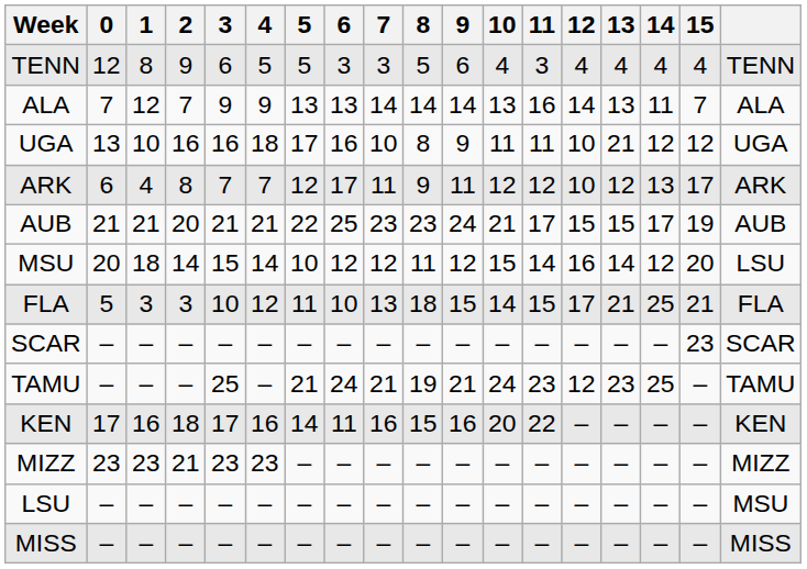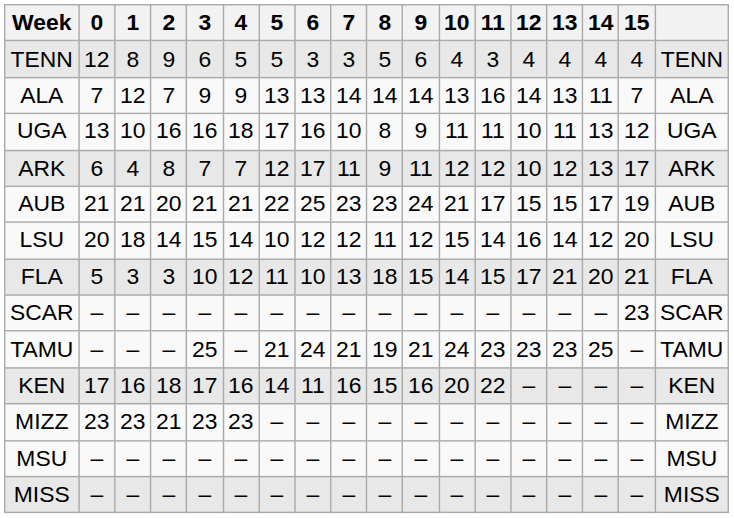 <table class="wikitable sortable" style="text-align:center">
 <tr>
 <th>Week</th>
 <th>0</th>
 <th>1</th>
 <th>2</th>
 <th>3</th>
 <th>4</th>
 <th>5</th>
 <th>6</th>
 <th>7</th>
 <th>8</th>
 <th>9</th>
 <th>10</th>
 <th>11</th>
 <th>12</th>
 <th>13</th>
 <th>14</th>
 <th>15</th>
 <th class=unsortable></th>
 </tr>
 <tr style="background-color:#E8E8E8">
 <td>TENN</td>
 <td>12</td>
 <td>8</td>
 <td>9</td>
 <td>6</td>
 <td>5</td>
 <td>5</td>
 <td>3</td>
 <td>3</td>
 <td>5</td>
 <td>6</td>
 <td>4</td>
 <td>3</td>
 <td>4</td>
 <td>4</td>
 <td>4</td>
 <td>4</td>
 <td>TENN</td>
 </tr>
 <tr>
 <td>ALA</td>
 <td>7</td>
 <td>12</td>
 <td>7</td>
 <td>9</td>
 <td>9</td>
 <td>13</td>
 <td>13</td>
 <td>14</td>
 <td>14</td>
 <td>14</td>
 <td>13</td>
 <td>16</td>
 <td>14</td>
 <td>13</td>
 <td>11</td>
 <td>7</td>
 <td>ALA</td>
 </tr>
 <tr>
 <td data-sort-value=G>UGA</td>
 <td>13</td>
 <td>10</td>
 <td>16</td>
 <td>16</td>
 <td>18</td>
 <td>17</td>
 <td>16</td>
 <td>10</td>
 <td>8</td>
 <td>9</td>
 <td>11</td>
 <td>11</td>
 <td>10</td>
-<td>21</td>
-<td>12</td>
+<td>11</td>
+<td>13</td>
 <td>12</td>
 <td>UGA</td>
 </tr>
 <tr style="background-color:#E8E8E8">
 <td>ARK</td>
 <td>6</td>
 <td>4</td>
 <td>8</td>
 <td>7</td>
 <td>7</td>
 <td>12</td>
 <td>17</td>
 <td>11</td>
 <td>9</td>
 <td>11</td>
 <td>12</td>
 <td>12</td>
 <td>10</td>
 <td>12</td>
 <td>13</td>
 <td>17</td>
 <td>ARK</td>
 </tr>
 <tr>
 <td>AUB</td>
 <td>21</td>
 <td>21</td>
 <td>20</td>
 <td>21</td>
 <td>21</td>
 <td>22</td>
 <td>25</td>
 <td>23</td>
 <td>23</td>
 <td>24</td>
 <td>21</td>
 <td>17</td>
 <td>15</td>
 <td>15</td>
 <td>17</td>
 <td>19</td>
 <td>AUB</td>
 </tr>
 <tr>
-<td>MSU</td>
+<td>LSU</td>
 <td>20</td>
 <td>18</td>
 <td>14</td>
 <td>15</td>
 <td>14</td>
 <td>10</td>
 <td>12</td>
 <td>12</td>
 <td>11</td>
 <td>12</td>
 <td>15</td>
 <td>14</td>
 <td>16</td>
 <td>14</td>
 <td>12</td>
 <td>20</td>
 <td>LSU</td>
 </tr>
 <tr style="background-color:#E8E8E8">
 <td>FLA</td>
 <td>5</td>
 <td>3</td>
 <td>3</td>
 <td>10</td>
 <td>12</td>
 <td>11</td>
 <td>10</td>
 <td>13</td>
 <td>18</td>
 <td>15</td>
 <td>14</td>
 <td>15</td>
 <td>17</td>
 <td>21</td>
-<td>25</td>
+<td>20</td>
 <td>21</td>
 <td>FLA</td>
 </tr>
 <tr>
 <td>SCAR</td>
 <td data-sort-value=26>–</td>
 <td data-sort-value=26>–</td>
 <td data-sort-value=26>–</td>
 <td data-sort-value=26>–</td>
 <td data-sort-value=26>–</td>
 <td data-sort-value=26>–</td>
 <td data-sort-value=26>–</td>
 <td data-sort-value=26>–</td>
 <td data-sort-value=26>–</td>
 <td data-sort-value=26>–</td>
 <td data-sort-value=26>–</td>
 <td data-sort-value=26>–</td>
 <td data-sort-value=26>–</td>
 <td data-sort-value=26>–</td>
 <td data-sort-value=26>–</td>
 <td>23</td>
 <td>SCAR</td>
 </tr>
 <tr>
 <td data-sort-value=TEX>TAMU</td>
 <td data-sort-value=27>–</td>
 <td data-sort-value=27>–</td>
 <td data-sort-value=27>–</td>
 <td>25</td>
 <td data-sort-value=27>–</td>
 <td>21</td>
 <td>24</td>
 <td>21</td>
 <td>19</td>
 <td>21</td>
 <td>24</td>
 <td>23</td>
-<td>12</td>
+<td>23</td>
 <td>23</td>
 <td>25</td>
 <td data-sort-value=27>–</td>
 <td>TAMU</td>
 </tr>
 <tr style="background-color:#E8E8E8">
 <td>KEN</td>
 <td>17</td>
 <td>16</td>
 <td>18</td>
 <td>17</td>
 <td>16</td>
 <td>14</td>
 <td>11</td>
 <td>16</td>
 <td>15</td>
 <td>16</td>
 <td>20</td>
 <td>22</td>
 <td data-sort-value=28>–</td>
 <td data-sort-value=28>–</td>
 <td data-sort-value=28>–</td>
 <td data-sort-value=28>–</td>
 <td>KEN</td>
 </tr>
 <tr>
 <td data-sort-value=MO>MIZZ</td>
 <td>23</td>
 <td>23</td>
 <td>21</td>
 <td>23</td>
 <td>23</td>
 <td data-sort-value=29>–</td>
 <td data-sort-value=29>–</td>
 <td data-sort-value=29>–</td>
 <td data-sort-value=29>–</td>
 <td data-sort-value=29>–</td>
 <td data-sort-value=29>–</td>
 <td data-sort-value=29>–</td>
 <td data-sort-value=29>–</td>
 <td data-sort-value=29>–</td>
 <td data-sort-value=29>–</td>
 <td data-sort-value=29>–</td>
 <td>MIZZ</td>
 </tr>
 <tr>
-<td>LSU</td>
+<td>MSU</td>
 <td data-sort-value=30>–</td>
 <td data-sort-value=30>–</td>
 <td data-sort-value=30>–</td>
 <td data-sort-value=30>–</td>
 <td data-sort-value=30>–</td>
 <td data-sort-value=30>–</td>
 <td data-sort-value=30>–</td>
 <td data-sort-value=30>–</td>
 <td data-sort-value=30>–</td>
 <td data-sort-value=30>–</td>
 <td data-sort-value=30>–</td>
 <td data-sort-value=30>–</td>
 <td data-sort-value=30>–</td>
 <td data-sort-value=30>–</td>
 <td data-sort-value=30>–</td>
 <td data-sort-value=30>–</td>
 <td>MSU</td>
 </tr>
 <tr style="background-color:#E8E8E8">
 <td data-sort-value=O>MISS</td>
 <td data-sort-value=30>–</td>
 <td data-sort-value=30>–</td>
 <td data-sort-value=30>–</td>
 <td data-sort-value=30>–</td>
 <td data-sort-value=30>–</td>
 <td data-sort-value=30>–</td>
 <td data-sort-value=30>–</td>
 <td data-sort-value=30>–</td>
 <td data-sort-value=30>–</td>
 <td data-sort-value=30>–</td>
 <td data-sort-value=30>–</td>
 <td data-sort-value=30>–</td>
 <td data-sort-value=30>–</td>
 <td data-sort-value=30>–</td>
 <td data-sort-value=30>–</td>
 <td data-sort-value=30>–</td>
 <td>MISS</td>
 </tr>
 </table>
